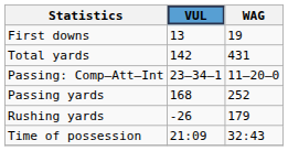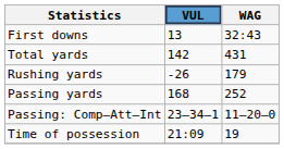 <table class="wikitable" style="float: left;">
 <tr>
 <th>Statistics</th>
 <th style="background-color:#579FD3;color:#000000;box-shadow: inset 2px 2px 0 #2A344E, inset -2px -2px 0 #2A344E">VUL</th>
 <th>WAG</th>
 </tr>
 <tr>
 <td>First downs</td>
 <td>13</td>
-<td>19</td>
+<td>32:43</td>
 </tr>
 <tr>
 <td>Total yards</td>
 <td>142</td>
 <td>431</td>
 </tr>
 <tr>
-<td>Passing: Comp–Att–Int</td>
-<td>23–34–1</td>
-<td>11–20–0</td>
+<td>Rushing yards</td>
+<td>-26</td>
+<td>179</td>
 </tr>
 <tr>
 <td>Passing yards</td>
 <td>168</td>
 <td>252</td>
 </tr>
 <tr>
-<td>Rushing yards</td>
-<td>-26</td>
-<td>179</td>
+<td>Passing: Comp–Att–Int</td>
+<td>23–34–1</td>
+<td>11–20–0</td>
 </tr>
 <tr>
 <td>Time of possession</td>
 <td>21:09</td>
-<td>32:43</td>
+<td>19</td>
 </tr>
 <tr>
 </tr>
 </table>
